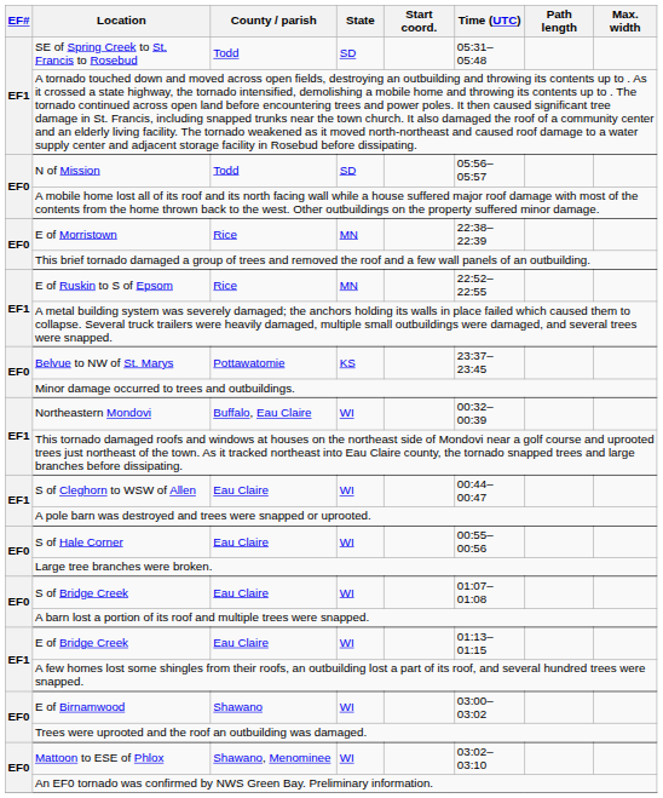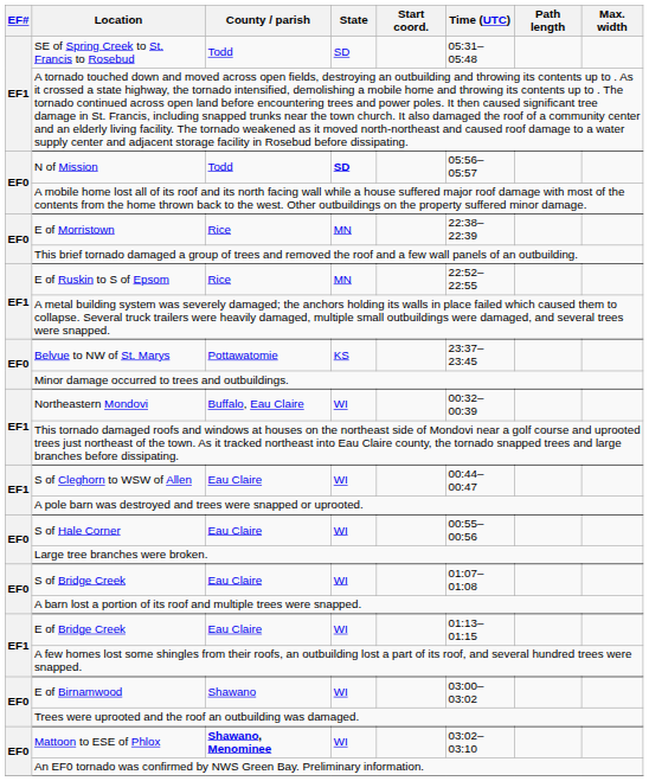 <table class="wikitable sortable" style="width:100%;">
 <tr>
 <th scope="col" width="2%" align="center"><a href='#'>EF#</a></th>
 <th scope="col" align="center" class="unsortable">Location</th>
 <th scope="col" align="center" class="unsortable">County / parish</th>
 <th scope="col" align="center">State</th>
 <th scope="col" align="center">Start coord.</th>
 <th scope="col" align="center">Time (<a href='#'>UTC</a>)</th>
 <th scope="col" align="center">Path length</th>
 <th scope="col" align="center">Max. width</th>
 </tr>
 <tr>
 <th scope="row" rowspan="2" style="background-color:#">EF1</th>
 <td>SE of <a href='#'>Spring Creek</a> to <a href='#'>St. Francis</a> to <a href='#'>Rosebud</a></td>
 <td><a href='#'>Todd</a></td>
 <td><a href='#'>SD</a></td>
 <td></td>
 <td>05:31–05:48</td>
 <td></td>
 <td></td>
 </tr>
 <tr class="expand-child">
 <td colspan="8" style=" border-bottom: 1px solid black;">A tornado touched down and moved across open fields, destroying an outbuilding and throwing its contents up to . As it crossed a state highway, the tornado intensified, demolishing a mobile home and throwing its contents up to . The tornado continued across open land before encountering trees and power poles. It then caused significant tree damage in St. Francis, including snapped trunks near the town church. It also damaged the roof of a community center and an elderly living facility. The tornado weakened as it moved north-northeast and caused roof damage to a water supply center and adjacent storage facility in Rosebud before dissipating.</td>
 </tr>
 <tr>
 <th scope="row" rowspan="2" style="background-color:#">EF0</th>
 <td>N of <a href='#'>Mission</a></td>
 <td><a href='#'>Todd</a></td>
-<td><a href='#'>SD</a></td>
+<td><strong><a href='#'>SD</a></strong></td>
 <td></td>
 <td>05:56–05:57</td>
 <td></td>
 <td></td>
 </tr>
 <tr class="expand-child">
 <td colspan="8" style=" border-bottom: 1px solid black;">A mobile home lost all of its roof and its north facing wall while a house suffered major roof damage with most of the contents from the home thrown back to the west. Other outbuildings on the property suffered minor damage.</td>
 </tr>
 <tr>
 <th scope="row" rowspan="2" style="background-color:#">EF0</th>
 <td>E of <a href='#'>Morristown</a></td>
 <td><a href='#'>Rice</a></td>
 <td><a href='#'>MN</a></td>
 <td></td>
 <td>22:38–22:39</td>
 <td></td>
 <td></td>
 </tr>
 <tr class="expand-child">
 <td colspan="8" style=" border-bottom: 1px solid black;">This brief tornado damaged a group of trees and removed the roof and a few wall panels of an outbuilding.</td>
 </tr>
 <tr>
 <th scope="row" rowspan="2" style="background-color:#">EF1</th>
 <td>E of <a href='#'>Ruskin</a> to S of <a href='#'>Epsom</a></td>
 <td><a href='#'>Rice</a></td>
 <td><a href='#'>MN</a></td>
 <td></td>
 <td>22:52–22:55</td>
 <td></td>
 <td></td>
 </tr>
 <tr class="expand-child">
 <td colspan="8" style=" border-bottom: 1px solid black;">A metal building system was severely damaged; the anchors holding its walls in place failed which caused them to collapse. Several truck trailers were heavily damaged, multiple small outbuildings were damaged, and several trees were snapped.</td>
 </tr>
 <tr>
 <th scope="row" rowspan="2" style="background-color:#">EF0</th>
 <td><a href='#'>Belvue</a> to NW of <a href='#'>St. Marys</a></td>
 <td><a href='#'>Pottawatomie</a></td>
 <td><a href='#'>KS</a></td>
 <td></td>
 <td>23:37–23:45</td>
 <td></td>
 <td></td>
 </tr>
 <tr class="expand-child">
 <td colspan="8" style=" border-bottom: 1px solid black;">Minor damage occurred to trees and outbuildings.</td>
 </tr>
 <tr>
 <th scope="row" rowspan="2" style="background-color:#">EF1</th>
 <td>Northeastern <a href='#'>Mondovi</a></td>
 <td><a href='#'>Buffalo</a>, <a href='#'>Eau Claire</a></td>
 <td><a href='#'>WI</a></td>
 <td></td>
 <td>00:32–00:39</td>
 <td></td>
 <td></td>
 </tr>
 <tr class="expand-child">
 <td colspan="8" style=" border-bottom: 1px solid black;">This tornado damaged roofs and windows at houses on the northeast side of Mondovi near a golf course and uprooted trees just northeast of the town. As it tracked northeast into Eau Claire county, the tornado snapped trees and large branches before dissipating.</td>
 </tr>
 <tr>
 <th scope="row" rowspan="2" style="background-color:#">EF1</th>
 <td>S of <a href='#'>Cleghorn</a> to WSW of <a href='#'>Allen</a></td>
 <td><a href='#'>Eau Claire</a></td>
 <td><a href='#'>WI</a></td>
 <td></td>
 <td>00:44–00:47</td>
 <td></td>
 <td></td>
 </tr>
 <tr class="expand-child">
 <td colspan="8" style=" border-bottom: 1px solid black;">A pole barn was destroyed and trees were snapped or uprooted.</td>
 </tr>
 <tr>
 <th scope="row" rowspan="2" style="background-color:#">EF0</th>
 <td>S of <a href='#'>Hale Corner</a></td>
 <td><a href='#'>Eau Claire</a></td>
 <td><a href='#'>WI</a></td>
 <td></td>
 <td>00:55–00:56</td>
 <td></td>
 <td></td>
 </tr>
 <tr class="expand-child">
 <td colspan="8" style=" border-bottom: 1px solid black;">Large tree branches were broken.</td>
 </tr>
 <tr>
 <th scope="row" rowspan="2" style="background-color:#">EF0</th>
 <td>S of <a href='#'>Bridge Creek</a></td>
 <td><a href='#'>Eau Claire</a></td>
 <td><a href='#'>WI</a></td>
 <td></td>
 <td>01:07–01:08</td>
 <td></td>
 <td></td>
 </tr>
 <tr class="expand-child">
 <td colspan="8" style=" border-bottom: 1px solid black;">A barn lost a portion of its roof and multiple trees were snapped.</td>
 </tr>
 <tr>
 <th scope="row" rowspan="2" style="background-color:#">EF1</th>
 <td>E of <a href='#'>Bridge Creek</a></td>
 <td><a href='#'>Eau Claire</a></td>
 <td><a href='#'>WI</a></td>
 <td></td>
 <td>01:13–01:15</td>
 <td></td>
 <td></td>
 </tr>
 <tr class="expand-child">
 <td colspan="8" style=" border-bottom: 1px solid black;">A few homes lost some shingles from their roofs, an outbuilding lost a part of its roof, and several hundred trees were snapped.</td>
 </tr>
 <tr>
 <th scope="row" rowspan="2" style="background-color:#">EF0</th>
 <td>E of <a href='#'>Birnamwood</a></td>
 <td><a href='#'>Shawano</a></td>
 <td><a href='#'>WI</a></td>
 <td></td>
 <td>03:00–03:02</td>
 <td></td>
 <td></td>
 </tr>
 <tr class="expand-child">
 <td colspan="8" style=" border-bottom: 1px solid black;">Trees were uprooted and the roof an outbuilding was damaged.</td>
 </tr>
 <tr>
 <th scope="row" rowspan="2" style="background-color:#">EF0</th>
 <td><a href='#'>Mattoon</a> to ESE of <a href='#'>Phlox</a></td>
-<td><a href='#'>Shawano</a>, <a href='#'>Menominee</a></td>
+<td><strong><a href='#'>Shawano</a>, <a href='#'>Menominee</a></strong></td>
 <td><a href='#'>WI</a></td>
 <td></td>
 <td>03:02–03:10</td>
 <td></td>
 <td></td>
 </tr>
 <tr class="expand-child">
 <td colspan="8" style=" border-bottom: 1px solid black;">An EF0 tornado was confirmed by NWS Green Bay. Preliminary information.</td>
 </tr>
 <tr>
 </tr>
 </table>
